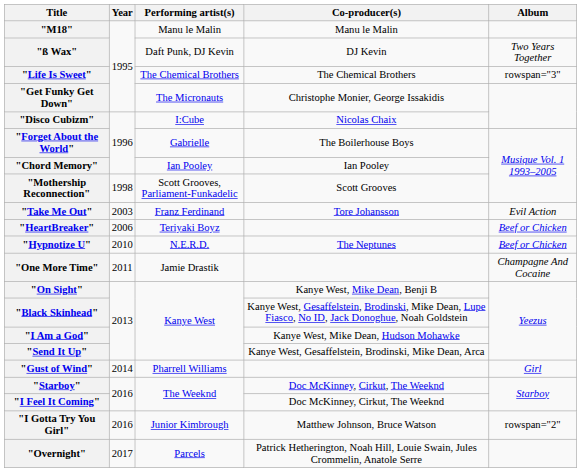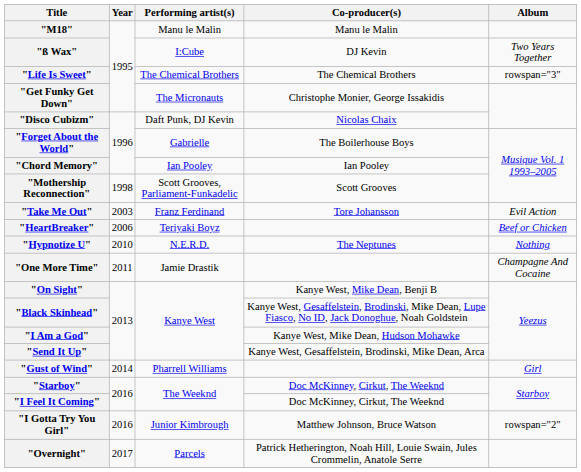 <table class="wikitable plainrowheaders" style="text-align:center;">
 <tr>
 <th scope="col">Title</th>
 <th scope="col">Year</th>
 <th scope="col">Performing artist(s)</th>
 <th scope="col">Co-producer(s)</th>
 <th scope="col">Album</th>
 </tr>
 <tr>
 <th scope="row">"M18"</th>
 <td rowspan="4">1995</td>
 <td>Manu le Malin</td>
 <td>Manu le Malin</td>
 <td></td>
 </tr>
 <tr>
 <th scope="row">"ß Wax"</th>
-<td>Daft Punk, DJ Kevin</td>
+<td><a href='#'>I:Cube</a></td>
 <td>DJ Kevin</td>
 <td><em>Two Years Together</em></td>
 </tr>
 <tr>
 <th scope="row">"<a href='#'>Life Is Sweet</a>" </th>
 <td><a href='#'>The Chemical Brothers</a></td>
 <td>The Chemical Brothers</td>
 <td>rowspan="3" </td>
 </tr>
 <tr>
 <th scope="row">"Get Funky Get Down" </th>
 <td><a href='#'>The Micronauts</a></td>
 <td>Christophe Monier, George Issakidis</td>
 </tr>
 <tr>
 <th scope="row">"Disco Cubizm" </th>
 <td rowspan="3">1996</td>
-<td><a href='#'>I:Cube</a></td>
+<td>Daft Punk, DJ Kevin</td>
 <td><a href='#'>Nicolas Chaix</a></td>
 </tr>
 <tr>
 <th scope="row">"<a href='#'>Forget About the World</a>" </th>
 <td><a href='#'>Gabrielle</a></td>
 <td>The Boilerhouse Boys</td>
 <td rowspan="3"><em><a href='#'>Musique Vol. 1 1993–2005</a></em></td>
 </tr>
 <tr>
 <th scope="row">"Chord Memory" </th>
 <td><a href='#'>Ian Pooley</a></td>
 <td>Ian Pooley</td>
 </tr>
 <tr>
 <th scope="row">"Mothership Reconnection" </th>
 <td>1998</td>
 <td>Scott Grooves, <a href='#'>Parliament-Funkadelic</a></td>
 <td>Scott Grooves</td>
 </tr>
 <tr>
 <th scope="row">"<a href='#'>Take Me Out</a>" </th>
 <td>2003</td>
 <td><a href='#'>Franz Ferdinand</a></td>
 <td><a href='#'>Tore Johansson</a></td>
 <td><em>Evil Action</em></td>
 </tr>
 <tr>
 <th scope="row">"<a href='#'>HeartBreaker</a>"</th>
 <td>2006</td>
 <td><a href='#'>Teriyaki Boyz</a></td>
 <td></td>
 <td><em><a href='#'>Beef or Chicken</a></em></td>
 </tr>
 <tr>
 <th scope="row">"<a href='#'>Hypnotize U</a>"</th>
 <td>2010</td>
 <td><a href='#'>N.E.R.D.</a></td>
 <td><a href='#'>The Neptunes</a></td>
-<td><em><a href='#'>Beef or Chicken</a></em></td>
+<td><em><a href='#'>Nothing</a></em></td>
 </tr>
 <tr>
 <th scope="row">"One More Time"</th>
 <td>2011</td>
 <td>Jamie Drastik</td>
 <td></td>
 <td><em>Champagne And Cocaine</em></td>
 </tr>
 <tr>
 <th scope="row">"<a href='#'>On Sight</a>"</th>
 <td rowspan="4">2013</td>
 <td rowspan="4"><a href='#'>Kanye West</a></td>
 <td>Kanye West, <a href='#'>Mike Dean</a>, Benji B</td>
 <td rowspan="4"><em><a href='#'>Yeezus</a></em></td>
 </tr>
 <tr>
 <th scope="row">"<a href='#'>Black Skinhead</a>"</th>
 <td>Kanye West, <a href='#'>Gesaffelstein</a>, <a href='#'>Brodinski</a>, Mike Dean, <a href='#'>Lupe Fiasco</a>, <a href='#'>No ID</a>, <a href='#'>Jack Donoghue</a>, Noah Goldstein</td>
 </tr>
 <tr>
 <th scope="row">"<a href='#'>I Am a God</a>"</th>
 <td>Kanye West, Mike Dean, <a href='#'>Hudson Mohawke</a></td>
 </tr>
 <tr>
 <th scope="row">"<a href='#'>Send It Up</a>"</th>
 <td>Kanye West, Gesaffelstein, Brodinski, Mike Dean, Arca</td>
 </tr>
 <tr>
 <th scope="row">"<a href='#'>Gust of Wind</a>"</th>
 <td>2014</td>
 <td><a href='#'>Pharrell Williams</a></td>
 <td></td>
 <td><em><a href='#'>Girl</a></em></td>
 </tr>
 <tr>
 <th scope="row">"<a href='#'>Starboy</a>"</th>
 <td rowspan="2">2016</td>
 <td rowspan="2"><a href='#'>The Weeknd</a></td>
 <td><a href='#'>Doc McKinney</a>, <a href='#'>Cirkut</a>, <a href='#'>The Weeknd</a></td>
 <td rowspan="2"><em><a href='#'>Starboy</a></em></td>
 </tr>
 <tr>
 <th scope="row">"<a href='#'>I Feel It Coming</a>"</th>
 <td>Doc McKinney, Cirkut, The Weeknd</td>
 </tr>
 <tr>
 <th scope="row">"I Gotta Try You Girl" </th>
 <td>2016</td>
 <td><a href='#'>Junior Kimbrough</a></td>
 <td>Matthew Johnson, Bruce Watson</td>
 <td>rowspan="2" </td>
 </tr>
 <tr>
 <th scope="row">"Overnight"</th>
 <td>2017</td>
 <td><a href='#'>Parcels</a></td>
 <td>Patrick Hetherington, Noah Hill, Louie Swain, Jules Crommelin, Anatole Serre</td>
 </tr>
 </table>
